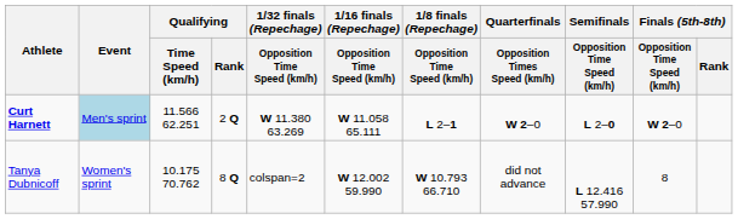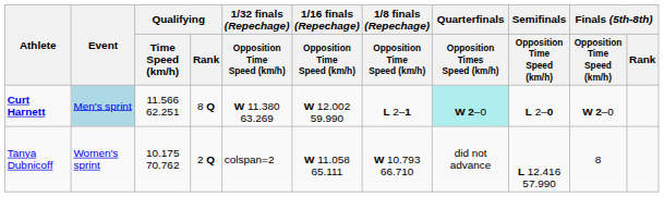 <table class=wikitable style="font-size:90%">
 <tr>
 <th rowspan="2">Athlete</th>
 <th rowspan="2">Event</th>
 <th colspan="2">Qualifying</th>
 <th>1/32 finals<br><em>(Repechage)</em></th>
 <th>1/16 finals<br><em>(Repechage)</em></th>
 <th>1/8 finals<br><em>(Repechage)</em></th>
 <th>Quarterfinals</th>
 <th>Semifinals</th>
 <th colspan="2">Finals <em>(5th-8th)</em></th>
 </tr>
 <tr>
 <th>Time<br>Speed (km/h)</th>
 <th>Rank</th>
 <th style="line-height:1em"><small>Opposition<br>Time<br>Speed (km/h)</small></th>
 <th style="line-height:1em"><small>Opposition<br>Time<br>Speed (km/h)</small></th>
 <th style="line-height:1em"><small>Opposition<br>Time<br>Speed (km/h)</small></th>
 <th style="line-height:1em"><small>Opposition<br>Times<br>Speed (km/h)</small></th>
 <th style="line-height:1em"><small>Opposition<br>Time<br>Speed (km/h)</small></th>
 <th style="line-height:1em"><small>Opposition<br>Time<br>Speed (km/h)</small></th>
 <th>Rank</th>
 </tr>
 <tr>
 <td><strong><a href='#'>Curt Harnett</a></strong></td>
 <td style="background: lightblue;"><a href='#'>Men's sprint</a></td>
 <td align=center>11.566<br>62.251</td>
-<td align=center>2 <strong>Q</strong></td>
+<td align=center>8 <strong>Q</strong></td>
 <td align=center><br><strong>W</strong> 11.380<br>63.269</td>
-<td align=center><br><strong>W</strong> 11.058<br>65.111</td>
+<td align=center><br><strong>W</strong> 12.002<br>59.990</td>
 <td align=center><br><strong>L</strong> 2–<strong>1</strong></td>
-<td align=center><br><strong>W</strong> <strong>2</strong>–0</td>
+<td align=center style="background: paleturquoise;"><br><strong>W</strong> <strong>2</strong>–0</td>
 <td align=center><br><strong>L</strong> 2–<strong>0</strong></td>
 <td align=center><br><strong>W</strong> <strong>2</strong>–0</td>
 <td align=center></td>
 </tr>
 <tr>
 <td><a href='#'>Tanya Dubnicoff</a></td>
 <td><a href='#'>Women's sprint</a></td>
 <td align=center>10.175<br>70.762</td>
-<td align=center>8 <strong>Q</strong></td>
+<td align=center>2 <strong>Q</strong></td>
 <td>colspan=2 </td>
-<td align=center><br><strong>W</strong> 12.002<br>59.990</td>
+<td align=center><br><strong>W</strong> 11.058<br>65.111</td>
 <td align=center><br><strong>W</strong> 10.793<br>66.710</td>
 <td align=center>did not advance</td>
 <td align=center><br><br><br><strong>L</strong> 12.416<br>57.990</td>
 <td align=center>8</td>
 </tr>
 </table>
